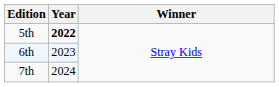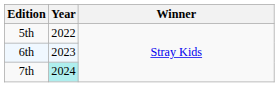 <table class="wikitable" style="text-align:center">
 <tr>
 <th>Edition</th>
 <th>Year</th>
 <th width="250">Winner</th>
 </tr>
 <tr>
 <td>5th</td>
-<td><strong>2022</strong></td>
+<td>2022</td>
 <td rowspan="3"><a href='#'>Stray Kids</a></td>
 </tr>
 <tr style="background:#f0f8ff;">
 <td>6th</td>
 <td>2023</td>
 </tr>
 <tr>
 <td>7th</td>
-<td>2024</td>
+<td style="background: paleturquoise;">2024</td>
 </tr>
 </table>
